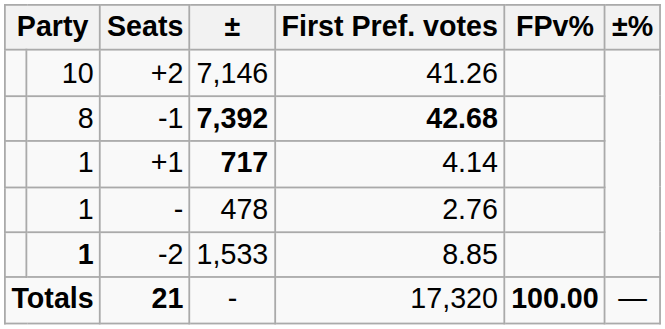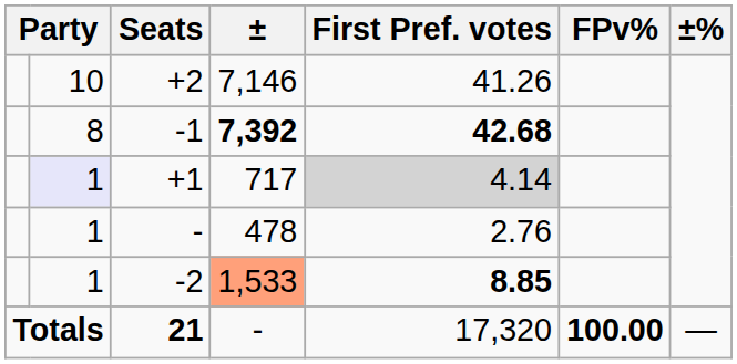 <table class=wikitable>
 <tr>
 <th colspan=2 align=center>Party</th>
 <th valign=top>Seats</th>
 <th valign=top>±</th>
 <th valign=top>First Pref. votes</th>
 <th valign=top>FPv%</th>
 <th valign=top>±%</th>
 </tr>
 <tr>
 <td></td>
 <td align=right>10</td>
 <td align=right>+2</td>
 <td align=right>7,146</td>
 <td align=right>41.26</td>
 <td align=right></td>
 </tr>
 <tr>
 <td></td>
 <td align=right>8</td>
 <td align=right>-1</td>
 <td align=right><strong>7,392</strong></td>
 <td align=right><strong>42.68</strong></td>
 <td align=right></td>
 </tr>
 <tr>
 <td></td>
-<td align=right>1</td>
+<td align=right style="background: lavender;">1</td>
 <td align=right>+1</td>
-<td align=right><strong>717</strong></td>
-<td align=right>4.14</td>
+<td align=right>717</td>
+<td align=right style="background: lightgrey;">4.14</td>
 <td align=right></td>
 </tr>
 <tr>
 <td></td>
 <td align=right>1</td>
 <td align=right>-</td>
 <td align=right>478</td>
 <td align=right>2.76</td>
 <td align=right></td>
 </tr>
 <tr>
 <td></td>
-<td align=right><strong>1</strong></td>
+<td align=right>1</td>
 <td align=right>-2</td>
-<td align=right>1,533</td>
-<td align=right>8.85</td>
+<td align=right style="background: lightsalmon;">1,533</td>
+<td align=right><strong>8.85</strong></td>
 <td align=right></td>
 </tr>
 <tr>
 <td colspan=2 align=center><strong>Totals</strong></td>
 <td align=right><strong>21</strong></td>
 <td align=center>-</td>
 <td align=right>17,320</td>
 <td align=center><strong>100.00</strong></td>
 <td align=center>—</td>
 </tr>
 </table>
